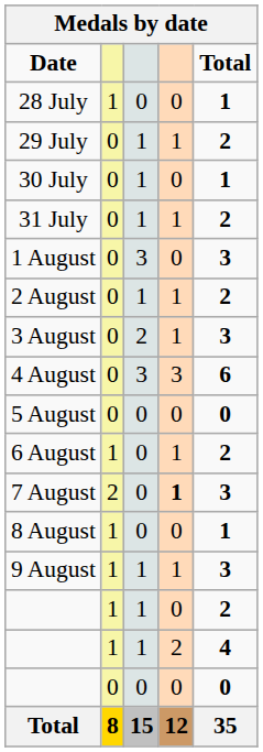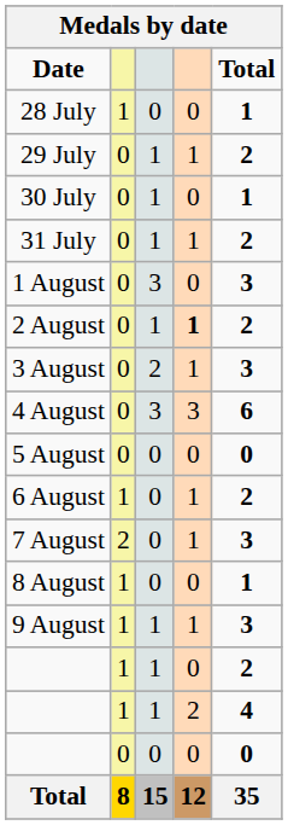 <table class=wikitable style=font-size:85%;float:left;text-align:center|>
 <tr bgcolor="#efefef">
 <th colspan=6>Medals by date</th>
 </tr>
 <tr align=center>
 <td><strong>Date</strong></td>
 <td bgcolor=#f7f6a8></td>
 <td bgcolor=#dce5e5></td>
 <td bgcolor=#ffdab9></td>
 <td><strong>Total</strong></td>
 </tr>
 <tr align=center>
 <td>28 July</td>
 <td style="background:#F7F6A8;">1</td>
 <td style="background:#DCE5E5;">0</td>
 <td style="background:#FFDAB9;">0</td>
 <td><strong>1</strong></td>
 </tr>
 <tr align=center>
 <td>29 July</td>
 <td style="background:#F7F6A8;">0</td>
 <td style="background:#DCE5E5;">1</td>
 <td style="background:#FFDAB9;">1</td>
 <td><strong>2</strong></td>
 </tr>
 <tr align=center>
 <td>30 July</td>
 <td style="background:#F7F6A8;">0</td>
 <td style="background:#DCE5E5;">1</td>
 <td style="background:#FFDAB9;">0</td>
 <td><strong>1</strong></td>
 </tr>
 <tr align=center>
 <td>31 July</td>
 <td style="background:#F7F6A8;">0</td>
 <td style="background:#DCE5E5;">1</td>
 <td style="background:#FFDAB9;">1</td>
 <td><strong>2</strong></td>
 </tr>
 <tr align=center>
 <td>1 August</td>
 <td style="background:#F7F6A8;">0</td>
 <td style="background:#DCE5E5;">3</td>
 <td style="background:#FFDAB9;">0</td>
 <td><strong>3</strong></td>
 </tr>
 <tr align=center>
 <td>2 August</td>
 <td style="background:#F7F6A8;">0</td>
 <td style="background:#DCE5E5;">1</td>
-<td style="background:#FFDAB9;">1</td>
+<td style="background:#FFDAB9;"><strong>1</strong></td>
 <td><strong>2</strong></td>
 </tr>
 <tr align=center>
 <td>3 August</td>
 <td style="background:#F7F6A8;">0</td>
 <td style="background:#DCE5E5;">2</td>
 <td style="background:#FFDAB9;">1</td>
 <td><strong>3</strong></td>
 </tr>
 <tr align=center>
 <td>4 August</td>
 <td style="background:#F7F6A8;">0</td>
 <td style="background:#DCE5E5;">3</td>
 <td style="background:#FFDAB9;">3</td>
 <td><strong>6</strong></td>
 </tr>
 <tr align=center>
 <td>5 August</td>
 <td style="background:#F7F6A8;">0</td>
 <td style="background:#DCE5E5;">0</td>
 <td style="background:#FFDAB9;">0</td>
 <td><strong>0</strong></td>
 </tr>
 <tr align=center>
 <td>6 August</td>
 <td style="background:#F7F6A8;">1</td>
 <td style="background:#DCE5E5;">0</td>
 <td style="background:#FFDAB9;">1</td>
 <td><strong>2</strong></td>
 </tr>
 <tr align=center>
 <td>7 August</td>
 <td style="background:#F7F6A8;">2</td>
 <td style="background:#DCE5E5;">0</td>
-<td style="background:#FFDAB9;"><strong>1</strong></td>
+<td style="background:#FFDAB9;">1</td>
 <td><strong>3</strong></td>
 </tr>
 <tr align=center>
 <td>8 August</td>
 <td style="background:#F7F6A8;">1</td>
 <td style="background:#DCE5E5;">0</td>
 <td style="background:#FFDAB9;">0</td>
 <td><strong>1</strong></td>
 </tr>
 <tr align=center>
 <td>9 August</td>
 <td style="background:#F7F6A8;">1</td>
 <td style="background:#DCE5E5;">1</td>
 <td style="background:#FFDAB9;">1</td>
 <td><strong>3</strong></td>
 </tr>
 <tr align=center>
 <td></td>
 <td style="background:#F7F6A8;">1</td>
 <td style="background:#DCE5E5;">1</td>
 <td style="background:#FFDAB9;">0</td>
 <td><strong>2</strong></td>
 </tr>
 <tr align=center>
 <td></td>
 <td style="background:#F7F6A8;">1</td>
 <td style="background:#DCE5E5;">1</td>
 <td style="background:#FFDAB9;">2</td>
 <td><strong>4</strong></td>
 </tr>
 <tr style="text-align:center;">
 <td></td>
 <td style="background:#F7F6A8;">0</td>
 <td style="background:#DCE5E5;">0</td>
 <td style="background:#FFDAB9;">0</td>
 <td><strong>0</strong></td>
 </tr>
 <tr align=center>
 <th>Total</th>
 <th style="background:gold;">8</th>
 <th style="background:silver;">15</th>
 <th style="background:#c96;">12</th>
 <th>35</th>
 </tr>
 </table>
